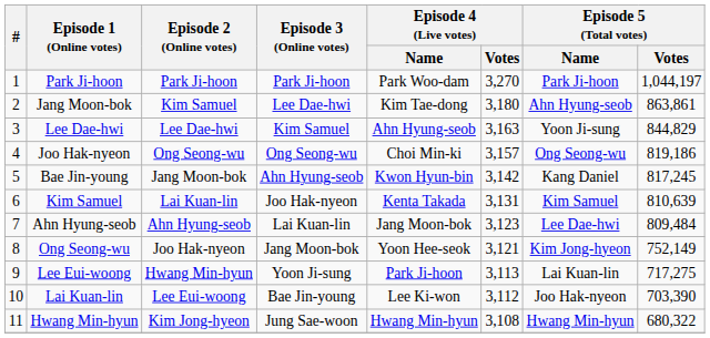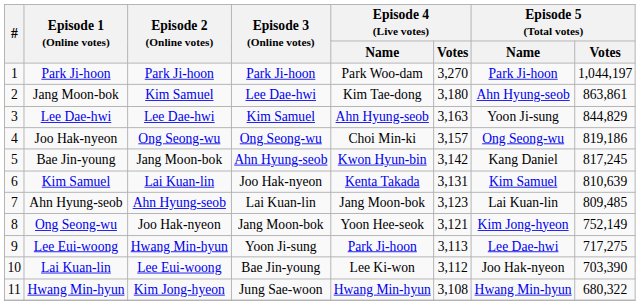 <table class="wikitable sortable" style="text-align:center;">
 <tr>
 <th rowspan="2">#</th>
 <th rowspan="2">Episode 1<br><small>(Online votes)</small></th>
 <th rowspan="2">Episode 2<br><small>(Online votes)</small></th>
 <th rowspan="2">Episode 3<br><small>(Online votes)</small></th>
 <th colspan="2">Episode 4<br><small>(Live votes)</small></th>
 <th colspan="2">Episode 5<br><small>(Total votes)</small></th>
 </tr>
 <tr>
 <th>Name</th>
 <th>Votes</th>
 <th>Name</th>
 <th>Votes</th>
 </tr>
 <tr>
 <td>1</td>
 <td><a href='#'>Park Ji-hoon</a></td>
 <td><a href='#'>Park Ji-hoon</a></td>
 <td><a href='#'>Park Ji-hoon</a></td>
 <td>Park Woo-dam</td>
 <td>3,270</td>
 <td><a href='#'>Park Ji-hoon</a></td>
 <td>1,044,197</td>
 </tr>
 <tr>
 <td>2</td>
 <td>Jang Moon-bok</td>
 <td><a href='#'>Kim Samuel</a></td>
 <td><a href='#'>Lee Dae-hwi</a></td>
 <td>Kim Tae-dong</td>
 <td>3,180</td>
 <td><a href='#'>Ahn Hyung-seob</a></td>
 <td>863,861</td>
 </tr>
 <tr>
 <td>3</td>
 <td><a href='#'>Lee Dae-hwi</a></td>
 <td><a href='#'>Lee Dae-hwi</a></td>
 <td><a href='#'>Kim Samuel</a></td>
 <td><a href='#'>Ahn Hyung-seob</a></td>
 <td>3,163</td>
 <td>Yoon Ji-sung</td>
 <td>844,829</td>
 </tr>
 <tr>
 <td>4</td>
 <td>Joo Hak-nyeon</td>
 <td><a href='#'>Ong Seong-wu</a></td>
 <td><a href='#'>Ong Seong-wu</a></td>
 <td>Choi Min-ki</td>
 <td>3,157</td>
 <td><a href='#'>Ong Seong-wu</a></td>
 <td>819,186</td>
 </tr>
 <tr>
 <td>5</td>
 <td>Bae Jin-young</td>
 <td>Jang Moon-bok</td>
 <td><a href='#'>Ahn Hyung-seob</a></td>
 <td><a href='#'>Kwon Hyun-bin</a></td>
 <td>3,142</td>
 <td>Kang Daniel</td>
 <td>817,245</td>
 </tr>
 <tr>
 <td>6</td>
 <td><a href='#'>Kim Samuel</a></td>
 <td><a href='#'>Lai Kuan-lin</a></td>
 <td>Joo Hak-nyeon</td>
 <td><a href='#'>Kenta Takada</a></td>
 <td>3,131</td>
 <td><a href='#'>Kim Samuel</a></td>
 <td>810,639</td>
 </tr>
 <tr>
 <td>7</td>
 <td>Ahn Hyung-seob</td>
 <td><a href='#'>Ahn Hyung-seob</a></td>
 <td>Lai Kuan-lin</td>
 <td>Jang Moon-bok</td>
 <td>3,123</td>
-<td><a href='#'>Lee Dae-hwi</a></td>
-<td>809,484</td>
+<td>Lai Kuan-lin</td>
+<td>809,485</td>
 </tr>
 <tr>
 <td>8</td>
 <td><a href='#'>Ong Seong-wu</a></td>
 <td>Joo Hak-nyeon</td>
 <td>Jang Moon-bok</td>
 <td>Yoon Hee-seok</td>
 <td>3,121</td>
 <td><a href='#'>Kim Jong-hyeon</a></td>
 <td>752,149</td>
 </tr>
 <tr>
 <td>9</td>
 <td><a href='#'>Lee Eui-woong</a></td>
 <td><a href='#'>Hwang Min-hyun</a></td>
 <td>Yoon Ji-sung</td>
 <td><a href='#'>Park Ji-hoon</a></td>
 <td>3,113</td>
-<td>Lai Kuan-lin</td>
+<td><a href='#'>Lee Dae-hwi</a></td>
 <td>717,275</td>
 </tr>
 <tr>
 <td>10</td>
 <td><a href='#'>Lai Kuan-lin</a></td>
 <td><a href='#'>Lee Eui-woong</a></td>
 <td>Bae Jin-young</td>
 <td>Lee Ki-won</td>
 <td>3,112</td>
 <td>Joo Hak-nyeon</td>
 <td>703,390</td>
 </tr>
 <tr>
 <td>11</td>
 <td><a href='#'>Hwang Min-hyun</a></td>
 <td><a href='#'>Kim Jong-hyeon</a></td>
 <td>Jung Sae-woon</td>
 <td><a href='#'>Hwang Min-hyun</a></td>
 <td>3,108</td>
 <td><a href='#'>Hwang Min-hyun</a></td>
 <td>680,322</td>
 </tr>
 <tr>
 </tr>
 </table>
